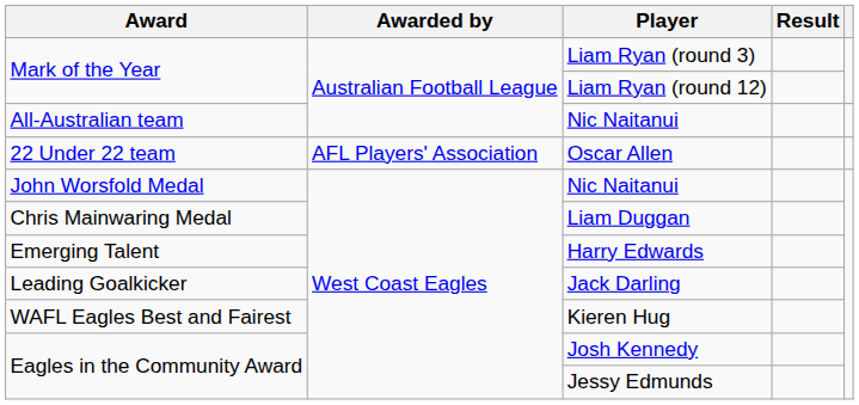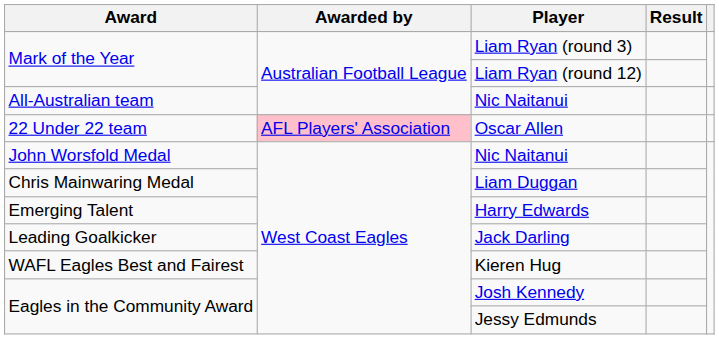 <table class="wikitable plainrowheaders sortable">
 <tr>
 <th scope="col">Award</th>
 <th scope="col">Awarded by</th>
 <th scope="col">Player</th>
 <th scope="col">Result</th>
 <th class="unsortable"></th>
 </tr>
 <tr>
 <td rowspan="2"><a href='#'>Mark of the Year</a></td>
 <td rowspan="3"><a href='#'>Australian Football League</a></td>
 <td><a href='#'>Liam Ryan</a> (round 3)</td>
 <td></td>
 <td rowspan="2"></td>
 </tr>
 <tr>
 <td><a href='#'>Liam Ryan</a> (round 12)</td>
 <td></td>
 </tr>
 <tr>
 <td><a href='#'>All-Australian team</a></td>
 <td><a href='#'>Nic Naitanui</a></td>
 <td></td>
 <td></td>
 </tr>
 <tr>
 <td><a href='#'>22 Under 22 team</a></td>
-<td><a href='#'>AFL Players' Association</a></td>
+<td style="background: pink;"><a href='#'>AFL Players' Association</a></td>
 <td><a href='#'>Oscar Allen</a></td>
 <td></td>
 <td></td>
 </tr>
 <tr>
 <td><a href='#'>John Worsfold Medal</a></td>
 <td rowspan="7"><a href='#'>West Coast Eagles</a></td>
 <td><a href='#'>Nic Naitanui</a></td>
 <td></td>
 <td rowspan="7"></td>
 </tr>
 <tr>
 <td>Chris Mainwaring Medal</td>
 <td><a href='#'>Liam Duggan</a></td>
 <td></td>
 </tr>
 <tr>
 <td>Emerging Talent</td>
 <td><a href='#'>Harry Edwards</a></td>
 <td></td>
 </tr>
 <tr>
 <td>Leading Goalkicker</td>
 <td><a href='#'>Jack Darling</a></td>
 <td></td>
 </tr>
 <tr>
 <td>WAFL Eagles Best and Fairest</td>
 <td>Kieren Hug</td>
 <td></td>
 </tr>
 <tr>
 <td rowspan="2">Eagles in the Community Award</td>
 <td><a href='#'>Josh Kennedy</a></td>
 <td></td>
 </tr>
 <tr>
 <td>Jessy Edmunds</td>
 <td></td>
 </tr>
 </table>
